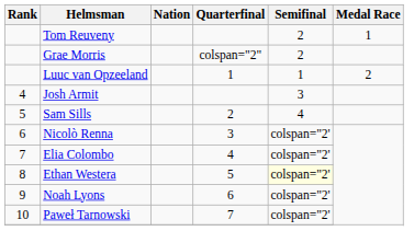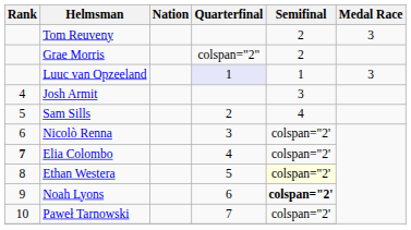 <table class="wikitable sortable" style="text-align:center">
 <tr>
 <th>Rank</th>
 <th>Helmsman</th>
 <th>Nation</th>
 <th>Quarterfinal</th>
 <th>Semifinal</th>
 <th>Medal Race</th>
 </tr>
 <tr>
 <td></td>
 <td align="left"><a href='#'>Tom Reuveny</a></td>
 <td align="left"></td>
 <td></td>
 <td>2</td>
-<td>1</td>
+<td>3</td>
 </tr>
 <tr>
 <td></td>
 <td align="left"><a href='#'>Grae Morris</a></td>
 <td align="left"></td>
 <td>colspan="2" </td>
 <td>2</td>
 </tr>
 <tr>
 <td></td>
 <td align="left"><a href='#'>Luuc van Opzeeland</a></td>
 <td align="left"></td>
+<td style="background: lavender;">1</td>
 <td>1</td>
-<td>1</td>
-<td>2</td>
+<td>3</td>
 </tr>
 <tr>
 <td>4</td>
 <td align="left"><a href='#'>Josh Armit</a></td>
 <td align="left"></td>
 <td></td>
 <td>3</td>
 <td></td>
 </tr>
 <tr>
 <td>5</td>
 <td align="left"><a href='#'>Sam Sills</a></td>
 <td align="left"></td>
 <td>2</td>
 <td>4</td>
 <td></td>
 </tr>
 <tr>
 <td>6</td>
 <td align="left"><a href='#'>Nicolò Renna</a></td>
 <td align="left"></td>
 <td>3</td>
 <td>colspan="2' </td>
 </tr>
 <tr>
-<td>7</td>
+<td><strong>7</strong></td>
 <td align="left"><a href='#'>Elia Colombo</a></td>
 <td align="left"></td>
 <td>4</td>
 <td>colspan="2' </td>
 </tr>
 <tr>
 <td>8</td>
 <td align="left"><a href='#'>Ethan Westera</a></td>
 <td align="left"></td>
 <td>5</td>
 <td style="background: lightyellow;">colspan="2' </td>
 </tr>
 <tr>
 <td>9</td>
 <td align="left"><a href='#'>Noah Lyons</a></td>
 <td align="left"></td>
 <td>6</td>
-<td>colspan="2' </td>
+<td><strong>colspan="2' </strong></td>
 </tr>
 <tr>
 <td>10</td>
 <td align="left"><a href='#'>Paweł Tarnowski</a></td>
 <td align="left"></td>
 <td>7</td>
 <td>colspan="2' </td>
 </tr>
 <tr>
 </tr>
 </table>
